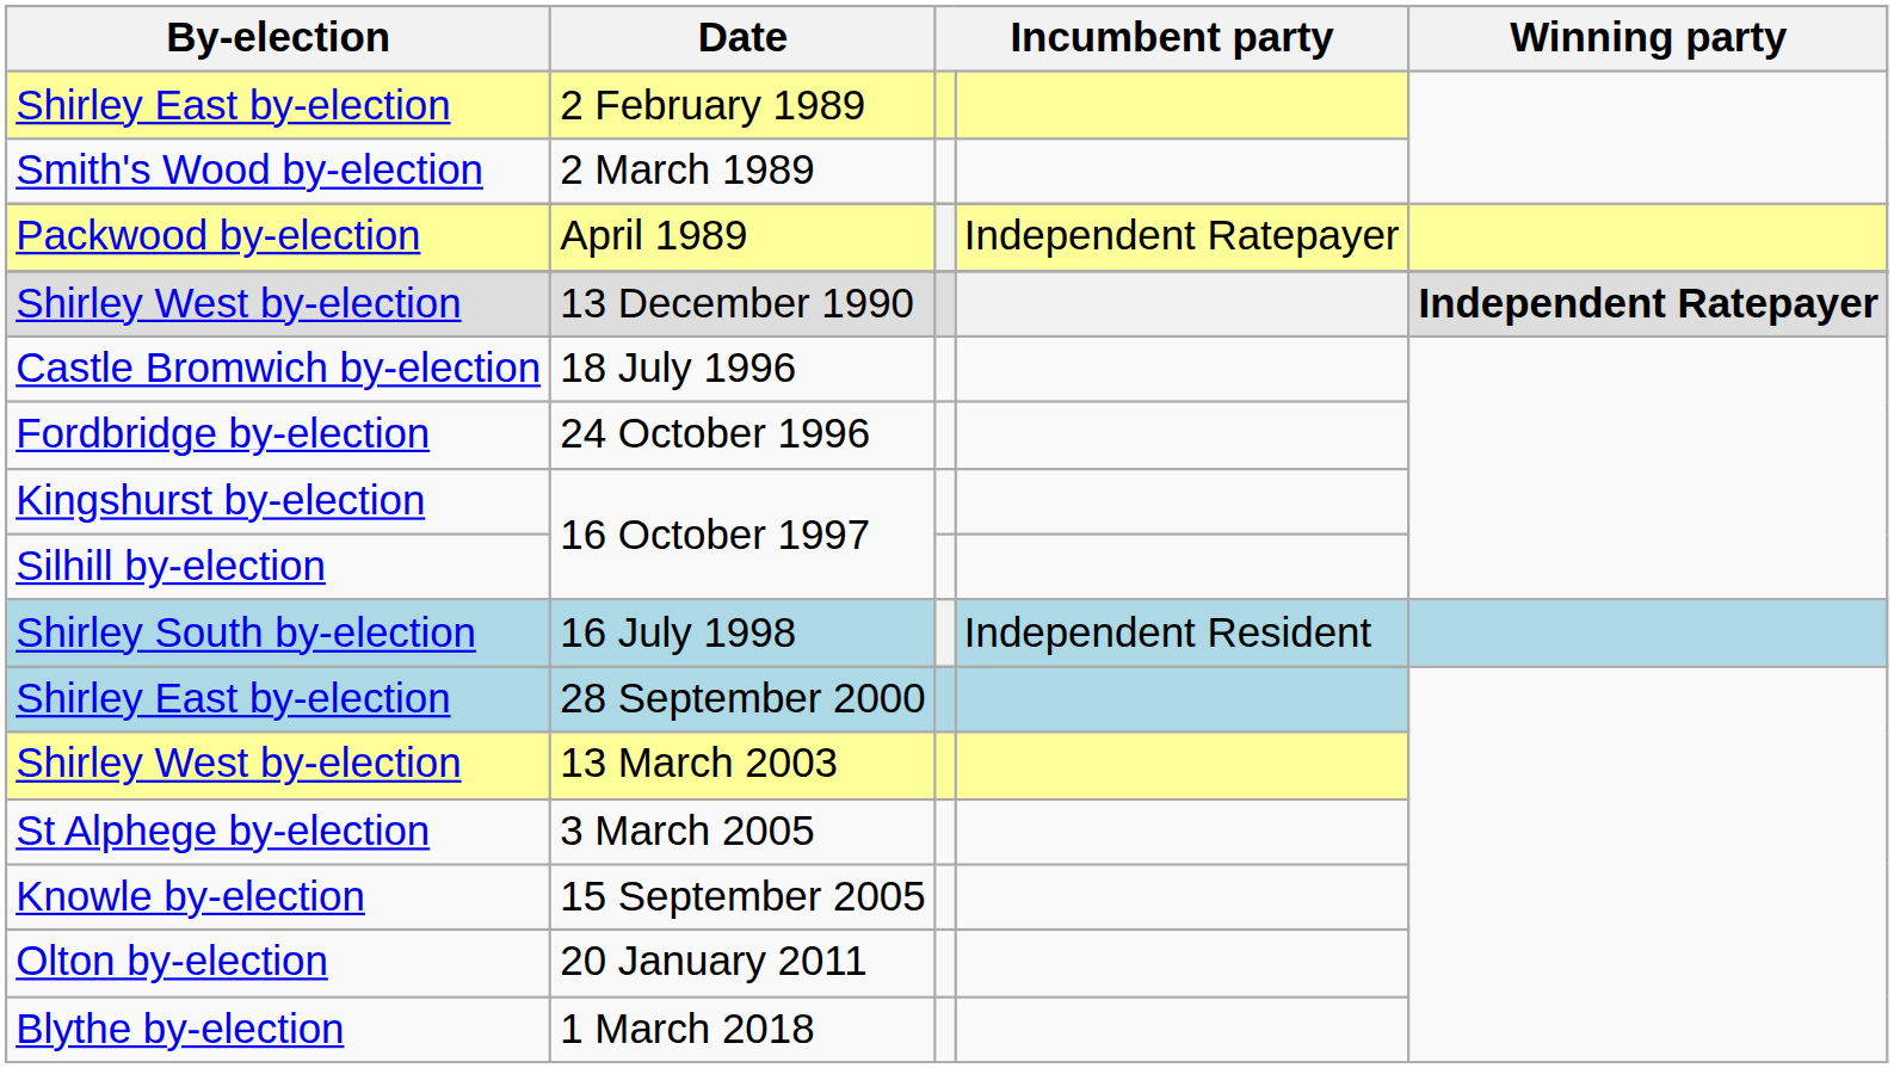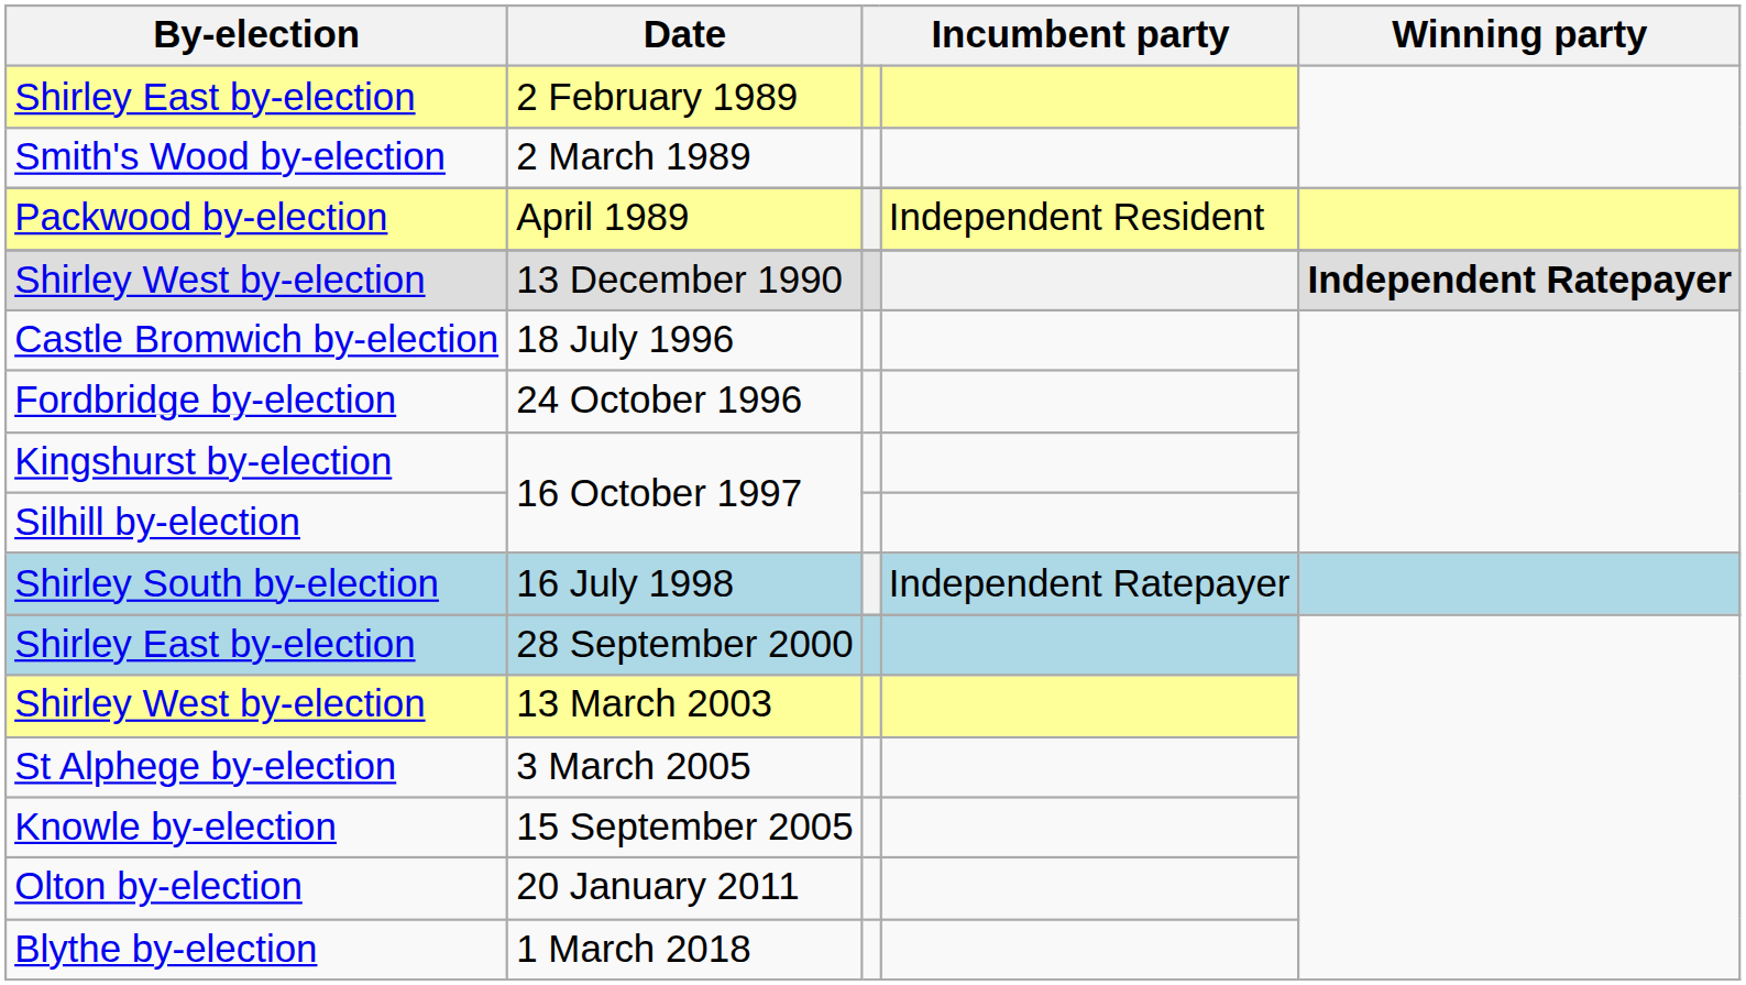 <table class="wikitable">
 <tr>
 <th>By-election</th>
 <th>Date</th>
 <th colspan=2>Incumbent party</th>
 <th colspan=2>Winning party</th>
 </tr>
 <tr bgcolor=#FFFF99>
 <td><a href='#'>Shirley East by-election</a></td>
 <td>2 February 1989</td>
 <td></td>
 <td></td>
 </tr>
 <tr>
 <td><a href='#'>Smith's Wood by-election</a></td>
 <td>2 March 1989</td>
 <td></td>
 <td></td>
 </tr>
 <tr>
 </tr>
 <tr bgcolor=#FFFF99>
 <td><a href='#'>Packwood by-election</a></td>
 <td>April 1989</td>
 <th style="background-color: "></th>
-<td>Independent Ratepayer</td>
+<td>Independent Resident</td>
 <td></td>
 </tr>
 <tr>
 </tr>
 <tr bgcolor=#dddddd>
 <td><a href='#'>Shirley West by-election</a></td>
 <td>13 December 1990</td>
 <td></td>
 <th style="background-color: "></th>
 <td><strong>Independent Ratepayer</strong></td>
 </tr>
 <tr>
 <td><a href='#'>Castle Bromwich by-election</a></td>
 <td>18 July 1996</td>
 <td></td>
 <td></td>
 </tr>
 <tr>
 <td><a href='#'>Fordbridge by-election</a></td>
 <td>24 October 1996</td>
 <td></td>
 <td></td>
 </tr>
 <tr>
 <td><a href='#'>Kingshurst by-election</a></td>
 <td rowspan="2">16 October 1997</td>
 <td></td>
 <td></td>
 </tr>
 <tr>
 <td><a href='#'>Silhill by-election</a></td>
 <td></td>
 <td></td>
 </tr>
 <tr bgcolor=lightblue>
 <td><a href='#'>Shirley South by-election</a></td>
 <td>16 July 1998</td>
 <th style="background-color: "></th>
-<td>Independent Resident</td>
+<td>Independent Ratepayer</td>
 <td></td>
 </tr>
 <tr>
 </tr>
 <tr bgcolor=lightblue>
 <td><a href='#'>Shirley East by-election</a></td>
 <td>28 September 2000</td>
 <td></td>
 <td></td>
 </tr>
 <tr bgcolor=#FFFF99>
 <td><a href='#'>Shirley West by-election</a></td>
 <td>13 March 2003</td>
 <td></td>
 <td></td>
 </tr>
 <tr>
 <td><a href='#'>St Alphege by-election</a></td>
 <td>3 March 2005</td>
 <td></td>
 <td></td>
 </tr>
 <tr>
 <td><a href='#'>Knowle by-election</a></td>
 <td>15 September 2005</td>
 <td></td>
 <td></td>
 </tr>
 <tr>
 <td><a href='#'>Olton by-election</a></td>
 <td>20 January 2011</td>
 <td></td>
 <td></td>
 </tr>
 <tr>
 <td><a href='#'>Blythe by-election</a></td>
 <td>1 March 2018</td>
 <td></td>
 <td></td>
 </tr>
 </table>
